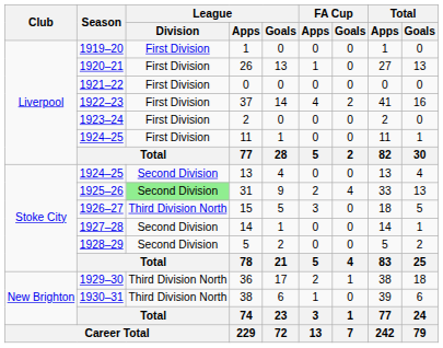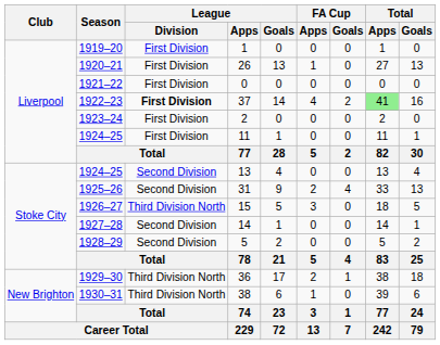 <table class="wikitable" style="text-align: center;">
 <tr>
 <th rowspan="2">Club</th>
 <th rowspan="2">Season</th>
 <th colspan="3">League</th>
 <th colspan="2">FA Cup</th>
 <th colspan="2">Total</th>
 </tr>
 <tr>
 <th>Division</th>
 <th>Apps</th>
 <th>Goals</th>
 <th>Apps</th>
 <th>Goals</th>
 <th>Apps</th>
 <th>Goals</th>
 </tr>
 <tr>
 <td rowspan="7"><a href='#'>Liverpool</a></td>
 <td><a href='#'>1919–20</a></td>
 <td><a href='#'>First Division</a></td>
 <td>1</td>
 <td>0</td>
 <td>0</td>
 <td>0</td>
 <td>1</td>
 <td>0</td>
 </tr>
 <tr>
 <td><a href='#'>1920–21</a></td>
 <td>First Division</td>
 <td>26</td>
 <td>13</td>
 <td>1</td>
 <td>0</td>
 <td>27</td>
 <td>13</td>
 </tr>
 <tr>
 <td><a href='#'>1921–22</a></td>
 <td>First Division</td>
 <td>0</td>
 <td>0</td>
 <td>0</td>
 <td>0</td>
 <td>0</td>
 <td>0</td>
 </tr>
 <tr>
 <td><a href='#'>1922–23</a></td>
-<td>First Division</td>
+<td><strong>First Division</strong></td>
 <td>37</td>
 <td>14</td>
 <td>4</td>
 <td>2</td>
-<td>41</td>
+<td style="background: lightgreen;">41</td>
 <td>16</td>
 </tr>
 <tr>
 <td><a href='#'>1923–24</a></td>
 <td>First Division</td>
 <td>2</td>
 <td>0</td>
 <td>0</td>
 <td>0</td>
 <td>2</td>
 <td>0</td>
 </tr>
 <tr>
 <td><a href='#'>1924–25</a></td>
 <td>First Division</td>
 <td>11</td>
 <td>1</td>
 <td>0</td>
 <td>0</td>
 <td>11</td>
 <td>1</td>
 </tr>
 <tr>
 <th colspan="2">Total</th>
 <th>77</th>
 <th>28</th>
 <th>5</th>
 <th>2</th>
 <th>82</th>
 <th>30</th>
 </tr>
 <tr>
 <td rowspan="6"><a href='#'>Stoke City</a></td>
 <td><a href='#'>1924–25</a></td>
 <td><a href='#'>Second Division</a></td>
 <td>13</td>
 <td>4</td>
 <td>0</td>
 <td>0</td>
 <td>13</td>
 <td>4</td>
 </tr>
 <tr>
 <td><a href='#'>1925–26</a></td>
-<td style="background: lightgreen;">Second Division</td>
+<td>Second Division</td>
 <td>31</td>
 <td>9</td>
 <td>2</td>
 <td>4</td>
 <td>33</td>
 <td>13</td>
 </tr>
 <tr>
 <td><a href='#'>1926–27</a></td>
 <td><a href='#'>Third Division North</a></td>
 <td>15</td>
 <td>5</td>
 <td>3</td>
 <td>0</td>
 <td>18</td>
 <td>5</td>
 </tr>
 <tr>
 <td><a href='#'>1927–28</a></td>
 <td>Second Division</td>
 <td>14</td>
 <td>1</td>
 <td>0</td>
 <td>0</td>
 <td>14</td>
 <td>1</td>
 </tr>
 <tr>
 <td><a href='#'>1928–29</a></td>
 <td>Second Division</td>
 <td>5</td>
 <td>2</td>
 <td>0</td>
 <td>0</td>
 <td>5</td>
 <td>2</td>
 </tr>
 <tr>
 <th colspan="2">Total</th>
 <th>78</th>
 <th>21</th>
 <th>5</th>
 <th>4</th>
 <th>83</th>
 <th>25</th>
 </tr>
 <tr>
 <td rowspan="3"><a href='#'>New Brighton</a></td>
 <td><a href='#'>1929–30</a></td>
 <td>Third Division North</td>
 <td>36</td>
 <td>17</td>
 <td>2</td>
 <td>1</td>
 <td>38</td>
 <td>18</td>
 </tr>
 <tr>
 <td><a href='#'>1930–31</a></td>
 <td>Third Division North</td>
 <td>38</td>
 <td>6</td>
 <td>1</td>
 <td>0</td>
 <td>39</td>
 <td>6</td>
 </tr>
 <tr>
 <th colspan="2">Total</th>
 <th>74</th>
 <th>23</th>
 <th>3</th>
 <th>1</th>
 <th>77</th>
 <th>24</th>
 </tr>
 <tr>
 <th colspan="3">Career Total</th>
 <th>229</th>
 <th>72</th>
 <th>13</th>
 <th>7</th>
 <th>242</th>
 <th>79</th>
 </tr>
 </table>
